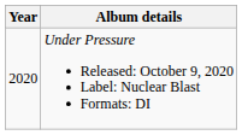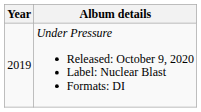 <table class="wikitable">
 <tr>
 <th>Year</th>
 <th>Album details</th>
 </tr>
 <tr>
-<td>2020</td>
+<td>2019</td>
 <td style="text-align:left;"><em>Under Pressure</em><br><ul><li>Released: October 9, 2020</li><li>Label: Nuclear Blast</li><li>Formats: DI</li></ul></td>
 </tr>
 </table>
